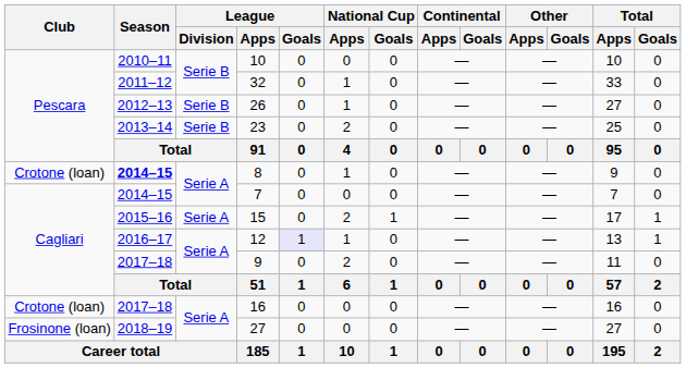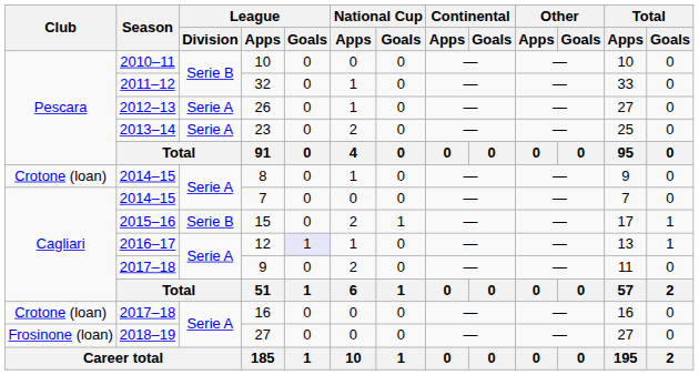 <table class="wikitable" style="text-align: center;">
 <tr>
 <th rowspan="2">Club</th>
 <th rowspan="2">Season</th>
 <th colspan="3">League</th>
 <th colspan="2">National Cup</th>
 <th colspan="2">Continental</th>
 <th colspan="2">Other</th>
 <th colspan="2">Total</th>
 </tr>
 <tr>
 <th>Division</th>
 <th>Apps</th>
 <th>Goals</th>
 <th>Apps</th>
 <th>Goals</th>
 <th>Apps</th>
 <th>Goals</th>
 <th>Apps</th>
 <th>Goals</th>
 <th>Apps</th>
 <th>Goals</th>
 </tr>
 <tr>
 <td rowspan="5"><a href='#'>Pescara</a></td>
 <td><a href='#'>2010–11</a></td>
 <td rowspan="2"><a href='#'>Serie B</a></td>
 <td>10</td>
 <td>0</td>
 <td>0</td>
 <td>0</td>
 <td colspan="2“">—</td>
 <td colspan="2“">—</td>
 <td>10</td>
 <td>0</td>
 </tr>
 <tr>
 <td><a href='#'>2011–12</a></td>
 <td>32</td>
 <td>0</td>
 <td>1</td>
 <td>0</td>
 <td colspan="2“">—</td>
 <td colspan="2“">—</td>
 <td>33</td>
 <td>0</td>
 </tr>
 <tr>
 <td><a href='#'>2012–13</a></td>
-<td><a href='#'>Serie B</a></td>
+<td><a href='#'>Serie A</a></td>
 <td>26</td>
 <td>0</td>
 <td>1</td>
 <td>0</td>
 <td colspan="2“">—</td>
 <td colspan="2“">—</td>
 <td>27</td>
 <td>0</td>
 </tr>
 <tr>
 <td><a href='#'>2013–14</a></td>
-<td><a href='#'>Serie B</a></td>
+<td><a href='#'>Serie A</a></td>
 <td>23</td>
 <td>0</td>
 <td>2</td>
 <td>0</td>
 <td colspan="2“">—</td>
 <td colspan="2“">—</td>
 <td>25</td>
 <td>0</td>
 </tr>
 <tr>
 <th colspan="2">Total</th>
 <th>91</th>
 <th>0</th>
 <th>4</th>
 <th>0</th>
 <th>0</th>
 <th>0</th>
 <th>0</th>
 <th>0</th>
 <th>95</th>
 <th>0</th>
 </tr>
 <tr>
 <td><a href='#'>Crotone</a> (loan)</td>
-<td><strong><a href='#'>2014–15</a></strong></td>
+<td><a href='#'>2014–15</a></td>
 <td rowspan="2"><a href='#'>Serie A</a></td>
 <td>8</td>
 <td>0</td>
 <td>1</td>
 <td>0</td>
 <td colspan="2“">—</td>
 <td colspan="2“">—</td>
 <td>9</td>
 <td>0</td>
 </tr>
 <tr>
 <td rowspan="5"><a href='#'>Cagliari</a></td>
 <td><a href='#'>2014–15</a></td>
 <td>7</td>
 <td>0</td>
 <td>0</td>
 <td>0</td>
 <td colspan="2“">—</td>
 <td colspan="2“">—</td>
 <td>7</td>
 <td>0</td>
 </tr>
 <tr>
 <td><a href='#'>2015–16</a></td>
-<td><a href='#'>Serie A</a></td>
+<td><a href='#'>Serie B</a></td>
 <td>15</td>
 <td>0</td>
 <td>2</td>
 <td>1</td>
 <td colspan="2“">—</td>
 <td colspan="2“">—</td>
 <td>17</td>
 <td>1</td>
 </tr>
 <tr>
 <td><a href='#'>2016–17</a></td>
 <td rowspan="2"><a href='#'>Serie A</a></td>
 <td>12</td>
 <td style="background: lavender;">1</td>
 <td>1</td>
 <td>0</td>
 <td colspan="2“">—</td>
 <td colspan="2“">—</td>
 <td>13</td>
 <td>1</td>
 </tr>
 <tr>
 <td><a href='#'>2017–18</a></td>
 <td>9</td>
 <td>0</td>
 <td>2</td>
 <td>0</td>
 <td colspan="2“">—</td>
 <td colspan="2“">—</td>
 <td>11</td>
 <td>0</td>
 </tr>
 <tr>
 <th colspan="2">Total</th>
 <th>51</th>
 <th>1</th>
 <th>6</th>
 <th>1</th>
 <th>0</th>
 <th>0</th>
 <th>0</th>
 <th>0</th>
 <th>57</th>
 <th>2</th>
 </tr>
 <tr>
 <td><a href='#'>Crotone</a> (loan)</td>
 <td><a href='#'>2017–18</a></td>
 <td rowspan="2"><a href='#'>Serie A</a></td>
 <td>16</td>
 <td>0</td>
 <td>0</td>
 <td>0</td>
 <td colspan="2“">—</td>
 <td colspan="2“">—</td>
 <td>16</td>
 <td>0</td>
 </tr>
 <tr>
 <td><a href='#'>Frosinone</a> (loan)</td>
 <td><a href='#'>2018–19</a></td>
 <td>27</td>
 <td>0</td>
 <td>0</td>
 <td>0</td>
 <td colspan="2“">—</td>
 <td colspan="2“">—</td>
 <td>27</td>
 <td>0</td>
 </tr>
 <tr>
 <th colspan="3">Career total</th>
 <th>185</th>
 <th>1</th>
 <th>10</th>
 <th>1</th>
 <th>0</th>
 <th>0</th>
 <th>0</th>
 <th>0</th>
 <th>195</th>
 <th>2</th>
 </tr>
 </table>
